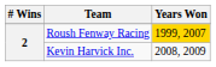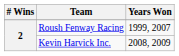 <table class="wikitable" style="font-size: 95%;">
 <tr>
 <th># Wins</th>
 <th>Team</th>
 <th>Years Won</th>
 </tr>
 <tr 8, 2008, 2009>
 </tr>
 <tr>
 <th rowspan="2">2</th>
 <td><a href='#'>Roush Fenway Racing</a></td>
-<td style="background: gold;">1999, 2007</td>
+<td>1999, 2007</td>
 </tr>
 <tr>
 <td><a href='#'>Kevin Harvick Inc.</a></td>
 <td>2008, 2009</td>
 </tr>
 </table>
